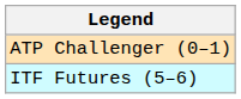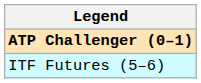 <table class=wikitable style=font-size:97%>
 <tr>
 <th>Legend</th>
 </tr>
 <tr bgcolor=moccasin>
-<td>ATP Challenger (0–1)</td>
+<td><strong>ATP Challenger (0–1)</strong></td>
 </tr>
 <tr bgcolor=cffcff>
 <td>ITF Futures (5–6)</td>
 </tr>
 </table>
